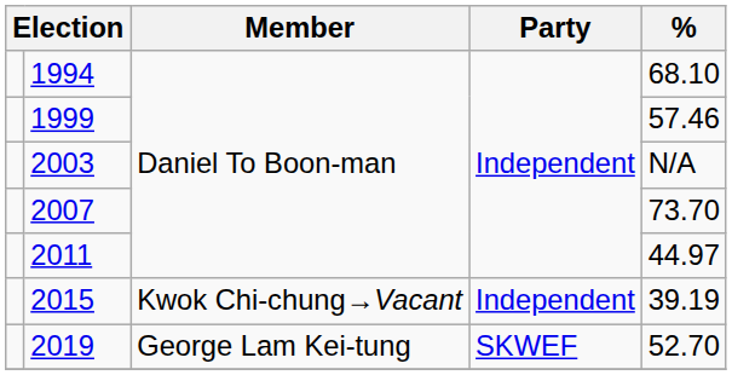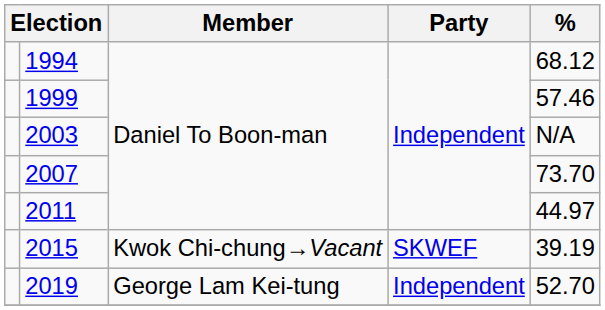 <table class="wikitable">
 <tr>
 <th colspan="2">Election</th>
 <th>Member</th>
 <th>Party</th>
 <th>%</th>
 </tr>
 <tr>
 <td style="background-color: "></td>
 <td><a href='#'>1994</a></td>
 <td rowspan=5>Daniel To Boon-man</td>
 <td rowspan=5><a href='#'>Independent</a></td>
-<td>68.10</td>
+<td>68.12</td>
 </tr>
 <tr>
 <td style="background-color: "></td>
 <td><a href='#'>1999</a></td>
 <td>57.46</td>
 </tr>
 <tr>
 <td style="background-color: "></td>
 <td><a href='#'>2003</a></td>
 <td>N/A</td>
 </tr>
 <tr>
 <td style="background-color: "></td>
 <td><a href='#'>2007</a></td>
 <td>73.70</td>
 </tr>
 <tr>
 <td style="background-color: "></td>
 <td><a href='#'>2011</a></td>
 <td>44.97</td>
 </tr>
 <tr>
 <td style="background-color: "></td>
 <td><a href='#'>2015</a></td>
 <td>Kwok Chi-chung→<em>Vacant</em></td>
-<td><a href='#'>Independent</a></td>
+<td><a href='#'>SKWEF</a></td>
 <td>39.19</td>
 </tr>
 <tr>
 <td style="background-color: "></td>
 <td><a href='#'>2019</a></td>
 <td>George Lam Kei-tung</td>
-<td><a href='#'>SKWEF</a></td>
+<td><a href='#'>Independent</a></td>
 <td>52.70</td>
 </tr>
 <tr>
 </tr>
 </table>
